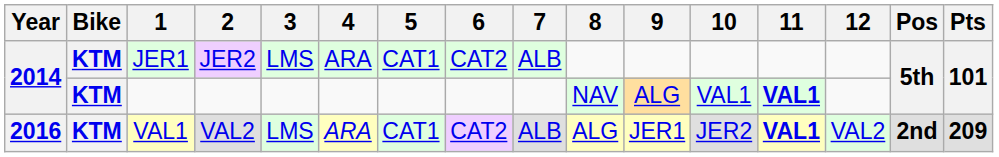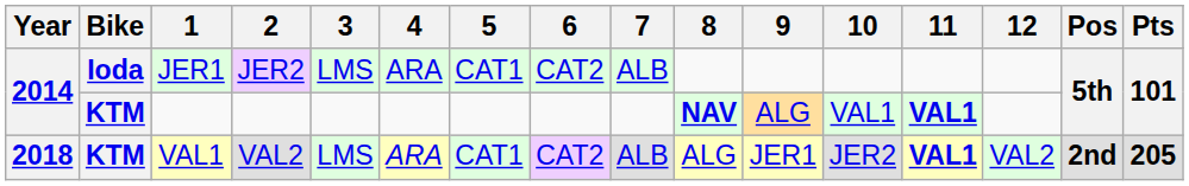 <table class="wikitable" style="text-align:center;">
 <tr>
 <th>Year</th>
 <th>Bike</th>
 <th>1</th>
 <th>2</th>
 <th>3</th>
 <th>4</th>
 <th>5</th>
 <th>6</th>
 <th>7</th>
 <th>8</th>
 <th>9</th>
 <th>10</th>
 <th>11</th>
 <th>12</th>
 <th>Pos</th>
 <th>Pts</th>
 </tr>
 <tr>
 <th rowspan="2"><a href='#'>2014</a></th>
-<th><a href='#'>KTM</a></th>
+<th><a href='#'>Ioda</a></th>
 <td style="background:#dfffdf;"><a href='#'>JER1</a><br></td>
 <td style="background:#efcfff;"><a href='#'>JER2</a><br></td>
 <td style="background:#dfffdf;"><a href='#'>LMS</a><br></td>
 <td style="background:#dfffdf;"><a href='#'>ARA</a><br></td>
 <td style="background:#dfffdf;"><a href='#'>CAT1</a><br></td>
 <td style="background:#dfffdf;"><a href='#'>CAT2</a><br></td>
 <td style="background:#dfffdf;"><a href='#'>ALB</a><br></td>
 <td></td>
 <td></td>
 <td></td>
 <td></td>
 <td></td>
 <th rowspan="2">5th</th>
 <th rowspan="2">101</th>
 </tr>
 <tr>
 <th><a href='#'>KTM</a></th>
 <td></td>
 <td></td>
 <td></td>
 <td></td>
 <td></td>
 <td></td>
 <td></td>
-<td style="background:#dfffdf;"><a href='#'>NAV</a><br></td>
+<td style="background:#dfffdf;"><strong><a href='#'>NAV</a><br></strong></td>
 <td style="background:#ffdf9f;"><a href='#'>ALG</a><br></td>
 <td style="background:#dfffdf;"><a href='#'>VAL1</a><br></td>
 <td style="background:#dfffdf;"><strong><a href='#'>VAL1</a><br></strong></td>
 <td></td>
 </tr>
 <tr>
-<th><a href='#'>2016</a></th>
+<th><a href='#'>2018</a></th>
 <th><a href='#'>KTM</a></th>
 <td style="background:#ffffbf;"><a href='#'>VAL1</a><br></td>
 <td style="background:#dfdfdf;"><a href='#'>VAL2</a><br></td>
 <td style="background:#dfffdf;"><a href='#'>LMS</a><br></td>
 <td style="background:#ffffbf;"><em><a href='#'>ARA</a></em><br></td>
 <td style="background:#dfffdf;"><a href='#'>CAT1</a><br></td>
 <td style="background:#efcfff;"><a href='#'>CAT2</a><br></td>
 <td style="background:#dfdfdf;"><a href='#'>ALB</a><br></td>
 <td style="background:#ffffbf;"><a href='#'>ALG</a><br></td>
 <td style="background:#ffffbf;"><a href='#'>JER1</a><br></td>
 <td style="background:#dfdfdf;"><a href='#'>JER2</a><br></td>
 <td style="background:#ffffbf;"><strong><a href='#'>VAL1</a></strong><br></td>
 <td style="background:#dfffdf;"><a href='#'>VAL2</a><br></td>
 <th style="background:#dfdfdf;">2nd</th>
-<th style="background:#dfdfdf;">209</th>
+<th style="background:#dfdfdf;">205</th>
 </tr>
 </table>
